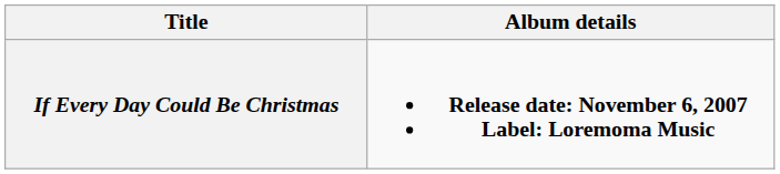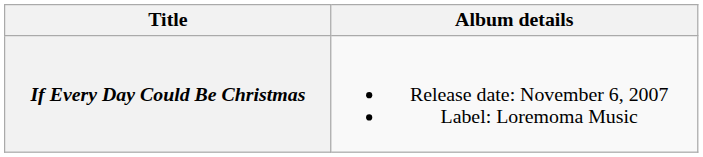 <table class="wikitable plainrowheaders" style="text-align:center;">
 <tr>
 <th style="width:16em;">Title</th>
 <th style="width:18em;">Album details</th>
 </tr>
 <tr>
 <th scope="row"><em>If Every Day Could Be Christmas</em></th>
-<td><strong><br><ul><li>Release date: November 6, 2007</li><li>Label: Loremoma Music</li></ul></strong></td>
+<td><br><ul><li>Release date: November 6, 2007</li><li>Label: Loremoma Music</li></ul></td>
 </tr>
 </table>
